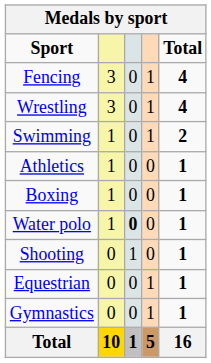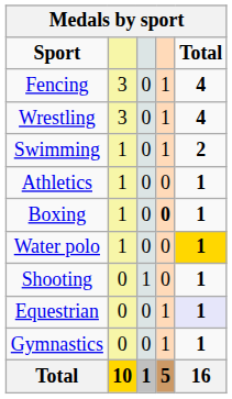 <table class="wikitable" style="font-size:85%; float:right;">
 <tr style="background:#efefef;">
 <th colspan=7>Medals by sport</th>
 </tr>
 <tr style="text-align:center">
 <td><strong>Sport</strong></td>
 <td bgcolor=#f7f6a8></td>
 <td bgcolor=#dce5e5></td>
 <td bgcolor=#ffdab9></td>
 <td><strong>Total</strong></td>
 </tr>
 <tr style="text-align:center">
 <td><a href='#'>Fencing</a></td>
 <td bgcolor=F7F6A8>3</td>
 <td bgcolor=DCE5E5>0</td>
 <td bgcolor=FFDAB9>1</td>
 <td><strong>4</strong></td>
 </tr>
 <tr style="text-align:center">
 <td><a href='#'>Wrestling</a></td>
 <td bgcolor=F7F6A8>3</td>
 <td bgcolor=DCE5E5>0</td>
 <td bgcolor=FFDAB9>1</td>
 <td><strong>4</strong></td>
 </tr>
 <tr style="text-align:center">
 <td><a href='#'>Swimming</a></td>
 <td bgcolor=F7F6A8>1</td>
 <td bgcolor=DCE5E5>0</td>
 <td bgcolor=FFDAB9>1</td>
 <td><strong>2</strong></td>
 </tr>
 <tr style="text-align:center">
 <td><a href='#'>Athletics</a></td>
 <td bgcolor=F7F6A8>1</td>
 <td bgcolor=DCE5E5>0</td>
 <td bgcolor=FFDAB9>0</td>
 <td><strong>1</strong></td>
 </tr>
 <tr style="text-align:center">
 <td><a href='#'>Boxing</a></td>
 <td bgcolor=F7F6A8>1</td>
 <td bgcolor=DCE5E5>0</td>
-<td bgcolor=FFDAB9>0</td>
+<td bgcolor=FFDAB9><strong>0</strong></td>
 <td><strong>1</strong></td>
 </tr>
 <tr style="text-align:center">
 <td><a href='#'>Water polo</a></td>
 <td bgcolor=F7F6A8>1</td>
-<td bgcolor=DCE5E5><strong>0</strong></td>
+<td bgcolor=DCE5E5>0</td>
 <td bgcolor=FFDAB9>0</td>
-<td><strong>1</strong></td>
+<td style="background: gold;"><strong>1</strong></td>
 </tr>
 <tr style="text-align:center">
 <td><a href='#'>Shooting</a></td>
 <td bgcolor=F7F6A8>0</td>
 <td bgcolor=DCE5E5>1</td>
 <td bgcolor=FFDAB9>0</td>
 <td><strong>1</strong></td>
 </tr>
 <tr style="text-align:center">
 <td><a href='#'>Equestrian</a></td>
 <td bgcolor=F7F6A8>0</td>
 <td bgcolor=DCE5E5>0</td>
 <td bgcolor=FFDAB9>1</td>
-<td><strong>1</strong></td>
+<td style="background: lavender;"><strong>1</strong></td>
 </tr>
 <tr style="text-align:center">
 <td><a href='#'>Gymnastics</a></td>
 <td bgcolor=F7F6A8>0</td>
 <td bgcolor=DCE5E5>0</td>
 <td bgcolor=FFDAB9>1</td>
 <td><strong>1</strong></td>
 </tr>
 <tr style="text-align:center">
 <th>Total</th>
 <th style="background:gold">10</th>
 <th style="background:silver">1</th>
 <th style="background:#c96">5</th>
 <th>16</th>
 </tr>
 </table>
